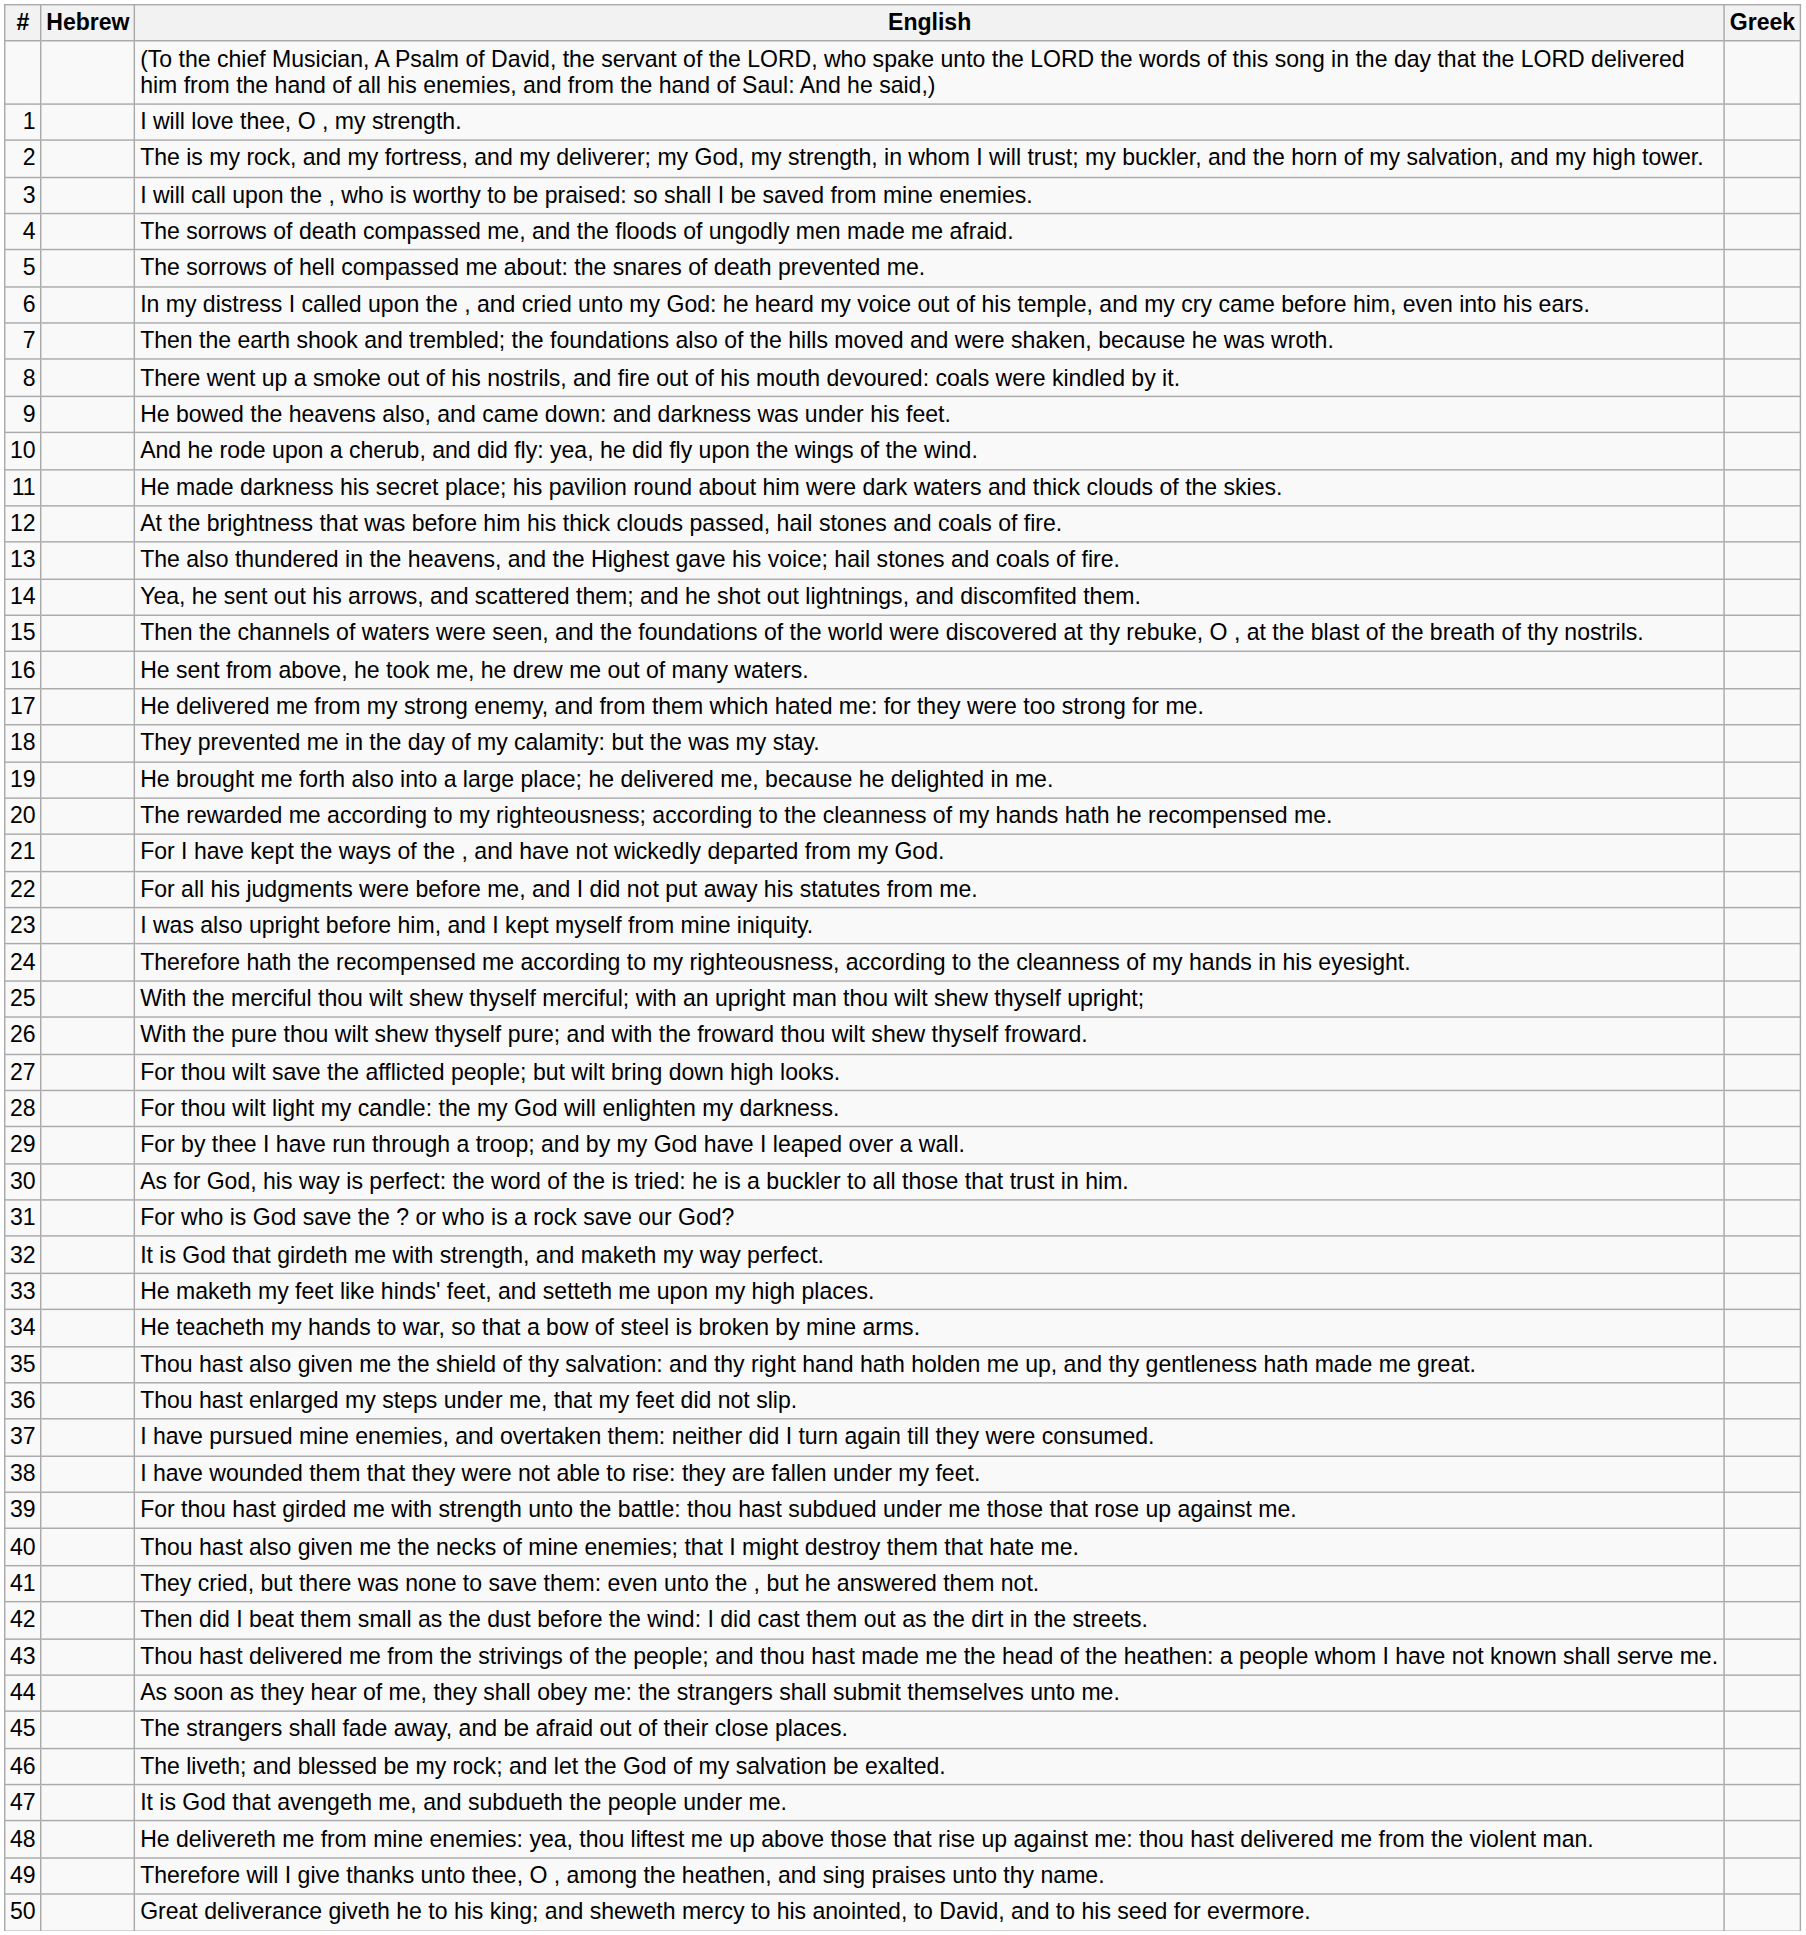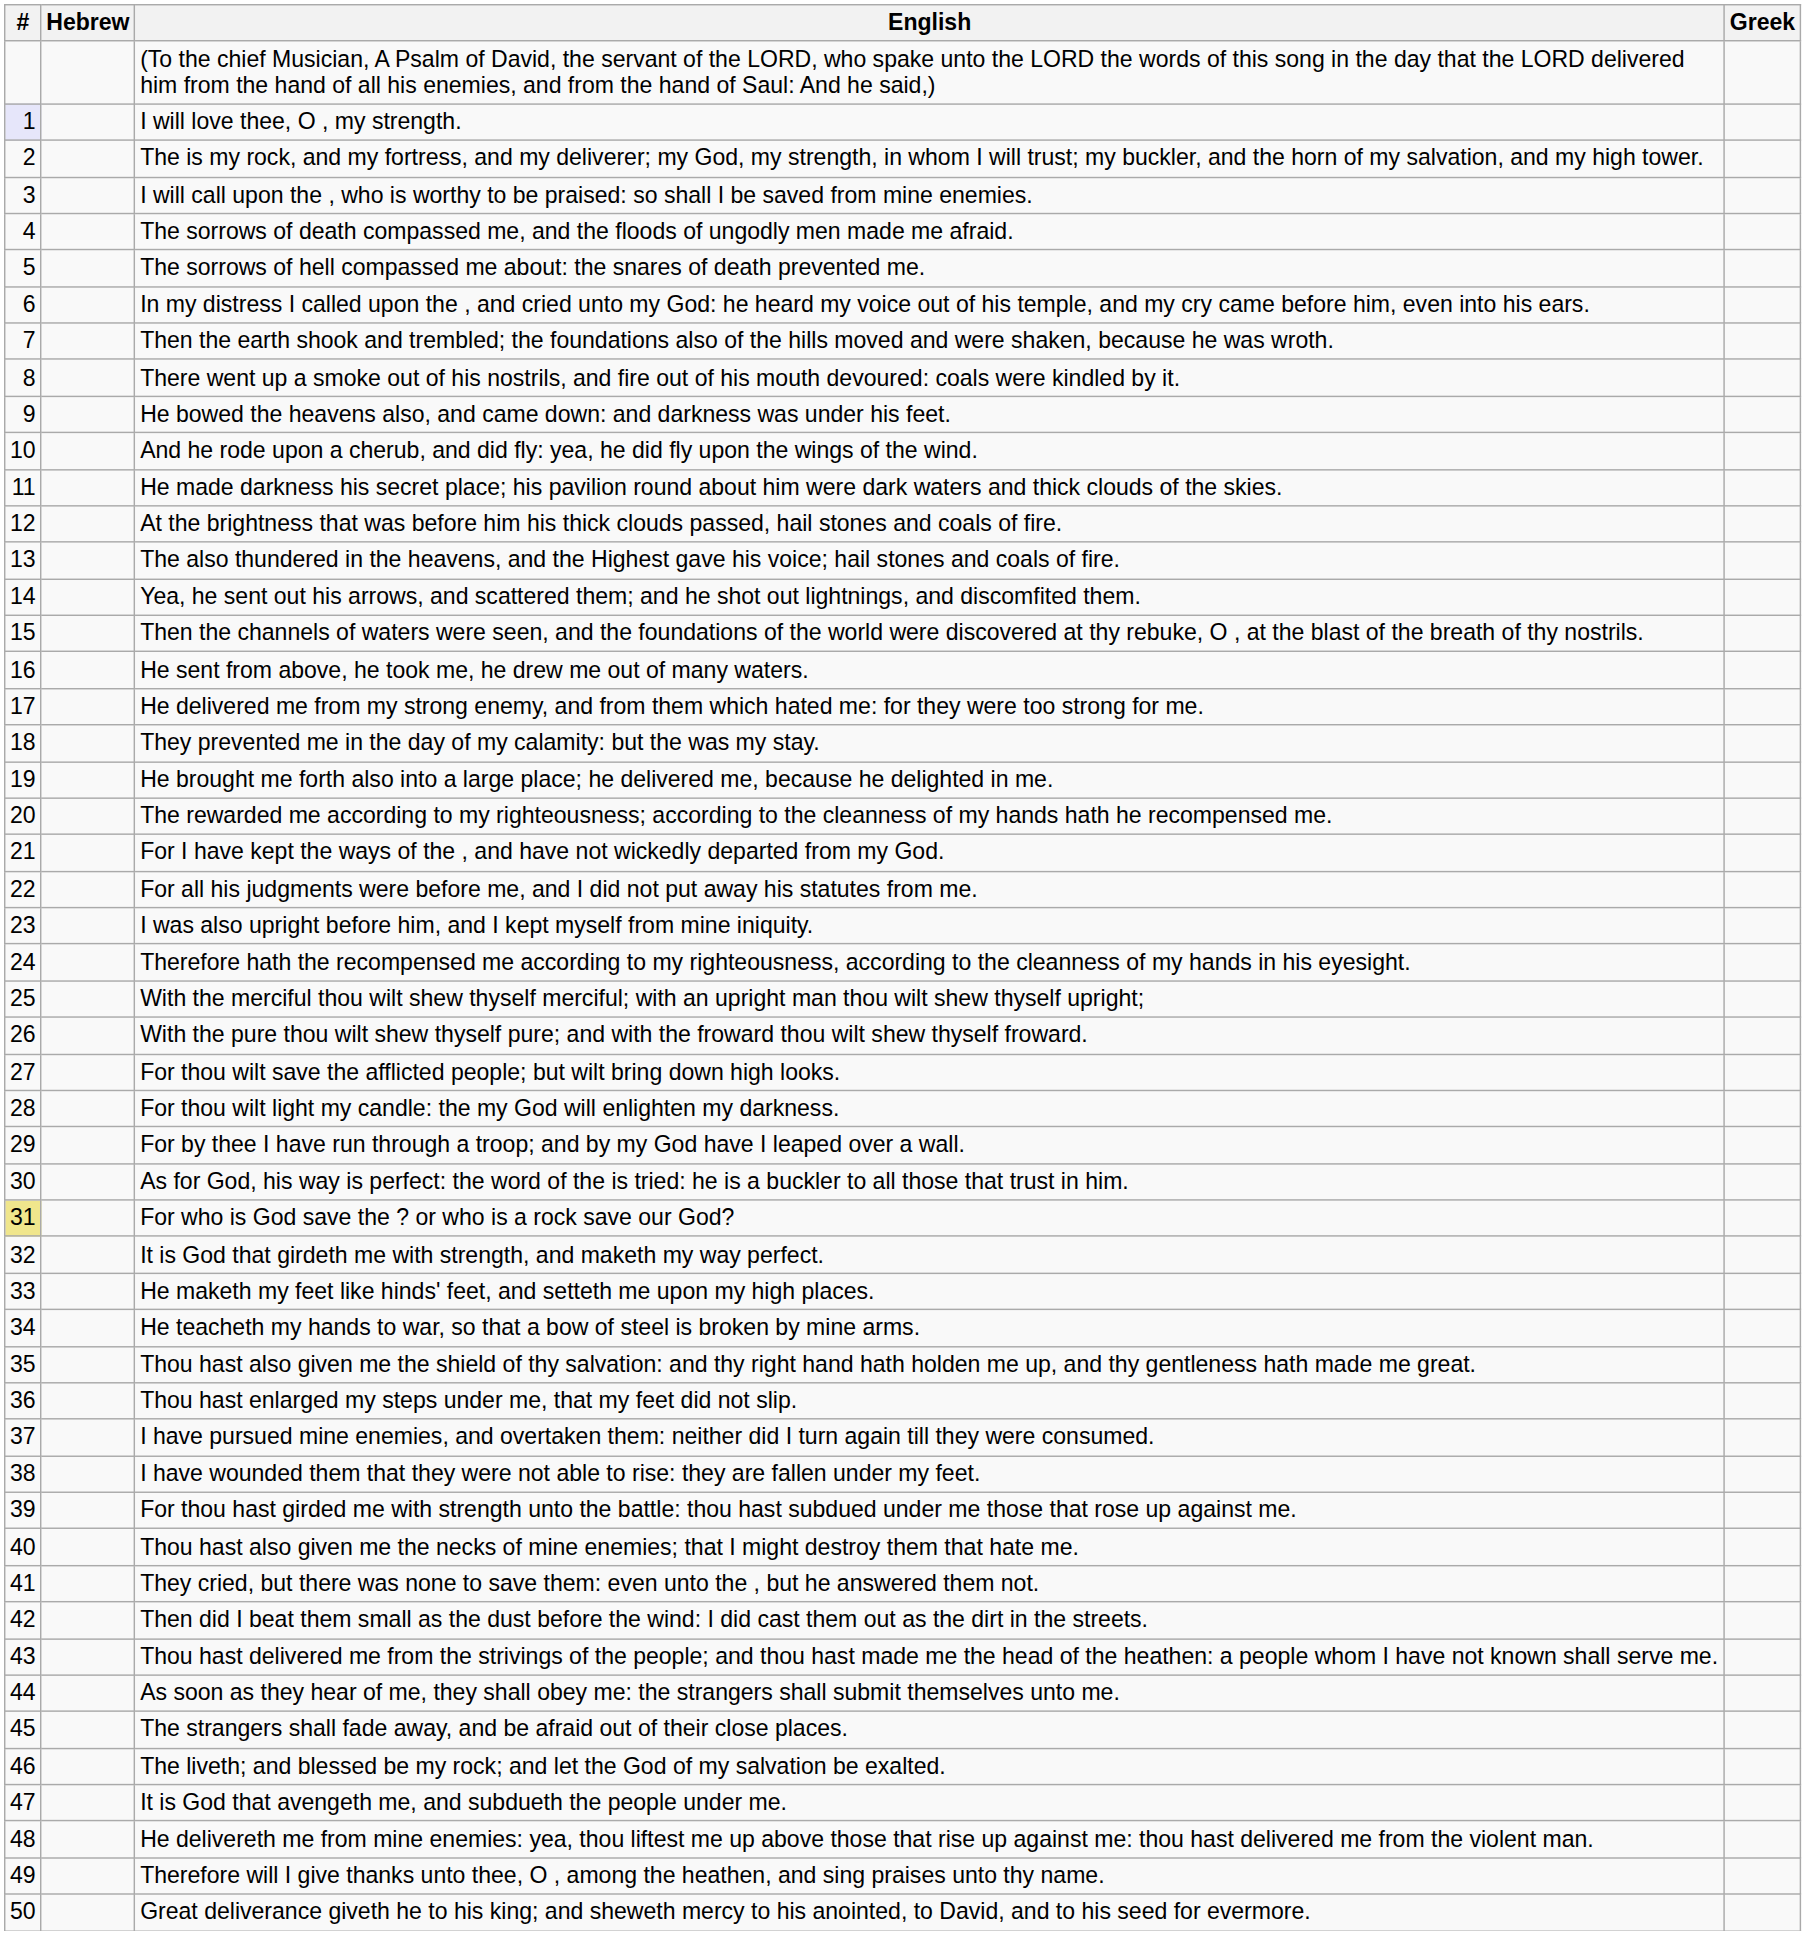 <table class=wikitable>
 <tr>
 <th>#</th>
 <th>Hebrew</th>
 <th>English</th>
 <th>Greek</th>
 </tr>
 <tr>
 <td style="text-align:right"></td>
 <td style="text-align:right"></td>
 <td>(To the chief Musician, A Psalm of David, the servant of the LORD, who spake unto the LORD the words of this song in the day that the LORD delivered him from the hand of all his enemies, and from the hand of Saul: And he said,)</td>
 <td></td>
 </tr>
 <tr>
-<td style="text-align:right">1</td>
+<td style="background: lavender; text-align:right">1</td>
 <td style="text-align:right"></td>
 <td>I will love thee, O , my strength.</td>
 <td></td>
 </tr>
 <tr>
 <td style="text-align:right">2</td>
 <td style="text-align:right"></td>
 <td>The  is my rock, and my fortress, and my deliverer; my God, my strength, in whom I will trust; my buckler, and the horn of my salvation, and my high tower.</td>
 <td></td>
 </tr>
 <tr>
 <td style="text-align:right">3</td>
 <td style="text-align:right"></td>
 <td>I will call upon the , who is worthy to be praised: so shall I be saved from mine enemies.</td>
 <td></td>
 </tr>
 <tr>
 <td style="text-align:right">4</td>
 <td style="text-align:right"></td>
 <td>The sorrows of death compassed me, and the floods of ungodly men made me afraid.</td>
 <td></td>
 </tr>
 <tr>
 <td style="text-align:right">5</td>
 <td style="text-align:right"></td>
 <td>The sorrows of hell compassed me about: the snares of death prevented me.</td>
 <td></td>
 </tr>
 <tr>
 <td style="text-align:right">6</td>
 <td style="text-align:right"></td>
 <td>In my distress I called upon the , and cried unto my God: he heard my voice out of his temple, and my cry came before him, even into his ears.</td>
 <td></td>
 </tr>
 <tr>
 <td style="text-align:right">7</td>
 <td style="text-align:right"></td>
 <td>Then the earth shook and trembled; the foundations also of the hills moved and were shaken, because he was wroth.</td>
 <td></td>
 </tr>
 <tr>
 <td style="text-align:right">8</td>
 <td style="text-align:right"></td>
 <td>There went up a smoke out of his nostrils, and fire out of his mouth devoured: coals were kindled by it.</td>
 <td></td>
 </tr>
 <tr>
 <td style="text-align:right">9</td>
 <td style="text-align:right"></td>
 <td>He bowed the heavens also, and came down: and darkness was under his feet.</td>
 <td></td>
 </tr>
 <tr>
 <td style="text-align:right">10</td>
 <td style="text-align:right"></td>
 <td>And he rode upon a cherub, and did fly: yea, he did fly upon the wings of the wind.</td>
 <td></td>
 </tr>
 <tr>
 <td style="text-align:right">11</td>
 <td style="text-align:right"></td>
 <td>He made darkness his secret place; his pavilion round about him were dark waters and thick clouds of the skies.</td>
 <td></td>
 </tr>
 <tr>
 <td style="text-align:right">12</td>
 <td style="text-align:right"></td>
 <td>At the brightness that was before him his thick clouds passed, hail stones and coals of fire.</td>
 <td></td>
 </tr>
 <tr>
 <td style="text-align:right">13</td>
 <td style="text-align:right"></td>
 <td>The  also thundered in the heavens, and the Highest gave his voice; hail stones and coals of fire.</td>
 <td></td>
 </tr>
 <tr>
 <td style="text-align:right">14</td>
 <td style="text-align:right"></td>
 <td>Yea, he sent out his arrows, and scattered them; and he shot out lightnings, and discomfited them.</td>
 <td></td>
 </tr>
 <tr>
 <td style="text-align:right">15</td>
 <td style="text-align:right"></td>
 <td>Then the channels of waters were seen, and the foundations of the world were discovered at thy rebuke, O , at the blast of the breath of thy nostrils.</td>
 <td></td>
 </tr>
 <tr>
 <td style="text-align:right">16</td>
 <td style="text-align:right"></td>
 <td>He sent from above, he took me, he drew me out of many waters.</td>
 <td></td>
 </tr>
 <tr>
 <td style="text-align:right">17</td>
 <td style="text-align:right"></td>
 <td>He delivered me from my strong enemy, and from them which hated me: for they were too strong for me.</td>
 <td></td>
 </tr>
 <tr>
 <td style="text-align:right">18</td>
 <td style="text-align:right"></td>
 <td>They prevented me in the day of my calamity: but the  was my stay.</td>
 <td></td>
 </tr>
 <tr>
 <td style="text-align:right">19</td>
 <td style="text-align:right"></td>
 <td>He brought me forth also into a large place; he delivered me, because he delighted in me.</td>
 <td></td>
 </tr>
 <tr>
 <td style="text-align:right">20</td>
 <td style="text-align:right"></td>
 <td>The  rewarded me according to my righteousness; according to the cleanness of my hands hath he recompensed me.</td>
 <td></td>
 </tr>
 <tr>
 <td style="text-align:right">21</td>
 <td style="text-align:right"></td>
 <td>For I have kept the ways of the , and have not wickedly departed from my God.</td>
 <td></td>
 </tr>
 <tr>
 <td style="text-align:right">22</td>
 <td style="text-align:right"></td>
 <td>For all his judgments were before me, and I did not put away his statutes from me.</td>
 <td></td>
 </tr>
 <tr>
 <td style="text-align:right">23</td>
 <td style="text-align:right"></td>
 <td>I was also upright before him, and I kept myself from mine iniquity.</td>
 <td></td>
 </tr>
 <tr>
 <td style="text-align:right">24</td>
 <td style="text-align:right"></td>
 <td>Therefore hath the  recompensed me according to my righteousness, according to the cleanness of my hands in his eyesight.</td>
 <td></td>
 </tr>
 <tr>
 <td style="text-align:right">25</td>
 <td style="text-align:right"></td>
 <td>With the merciful thou wilt shew thyself merciful; with an upright man thou wilt shew thyself upright;</td>
 <td></td>
 </tr>
 <tr>
 <td style="text-align:right">26</td>
 <td style="text-align:right"></td>
 <td>With the pure thou wilt shew thyself pure; and with the froward thou wilt shew thyself froward.</td>
 <td></td>
 </tr>
 <tr>
 <td style="text-align:right">27</td>
 <td style="text-align:right"></td>
 <td>For thou wilt save the afflicted people; but wilt bring down high looks.</td>
 <td></td>
 </tr>
 <tr>
 <td style="text-align:right">28</td>
 <td style="text-align:right"></td>
 <td>For thou wilt light my candle: the  my God will enlighten my darkness.</td>
 <td></td>
 </tr>
 <tr>
 <td style="text-align:right">29</td>
 <td style="text-align:right"></td>
 <td>For by thee I have run through a troop; and by my God have I leaped over a wall.</td>
 <td></td>
 </tr>
 <tr>
 <td style="text-align:right">30</td>
 <td style="text-align:right"></td>
 <td>As for God, his way is perfect: the word of the  is tried: he is a buckler to all those that trust in him.</td>
 <td></td>
 </tr>
 <tr>
-<td style="text-align:right">31</td>
+<td style="background: khaki; text-align:right">31</td>
 <td style="text-align:right"></td>
 <td>For who is God save the ? or who is a rock save our God?</td>
 <td></td>
 </tr>
 <tr>
 <td style="text-align:right">32</td>
 <td style="text-align:right"></td>
 <td>It is God that girdeth me with strength, and maketh my way perfect.</td>
 <td></td>
 </tr>
 <tr>
 <td style="text-align:right">33</td>
 <td style="text-align:right"></td>
 <td>He maketh my feet like hinds' feet, and setteth me upon my high places.</td>
 <td></td>
 </tr>
 <tr>
 <td style="text-align:right">34</td>
 <td style="text-align:right"></td>
 <td>He teacheth my hands to war, so that a bow of steel is broken by mine arms.</td>
 <td></td>
 </tr>
 <tr>
 <td style="text-align:right">35</td>
 <td style="text-align:right"></td>
 <td>Thou hast also given me the shield of thy salvation: and thy right hand hath holden me up, and thy gentleness hath made me great.</td>
 <td></td>
 </tr>
 <tr>
 <td style="text-align:right">36</td>
 <td style="text-align:right"></td>
 <td>Thou hast enlarged my steps under me, that my feet did not slip.</td>
 <td></td>
 </tr>
 <tr>
 <td style="text-align:right">37</td>
 <td style="text-align:right"></td>
 <td>I have pursued mine enemies, and overtaken them: neither did I turn again till they were consumed.</td>
 <td></td>
 </tr>
 <tr>
 <td style="text-align:right">38</td>
 <td style="text-align:right"></td>
 <td>I have wounded them that they were not able to rise: they are fallen under my feet.</td>
 <td></td>
 </tr>
 <tr>
 <td style="text-align:right">39</td>
 <td style="text-align:right"></td>
 <td>For thou hast girded me with strength unto the battle: thou hast subdued under me those that rose up against me.</td>
 <td></td>
 </tr>
 <tr>
 <td style="text-align:right">40</td>
 <td style="text-align:right"></td>
 <td>Thou hast also given me the necks of mine enemies; that I might destroy them that hate me.</td>
 <td></td>
 </tr>
 <tr>
 <td style="text-align:right">41</td>
 <td style="text-align:right"></td>
 <td>They cried, but there was none to save them: even unto the , but he answered them not.</td>
 <td></td>
 </tr>
 <tr>
 <td style="text-align:right">42</td>
 <td style="text-align:right"></td>
 <td>Then did I beat them small as the dust before the wind: I did cast them out as the dirt in the streets.</td>
 <td></td>
 </tr>
 <tr>
 <td style="text-align:right">43</td>
 <td style="text-align:right"></td>
 <td>Thou hast delivered me from the strivings of the people; and thou hast made me the head of the heathen: a people whom I have not known shall serve me.</td>
 <td></td>
 </tr>
 <tr>
 <td style="text-align:right">44</td>
 <td style="text-align:right"></td>
 <td>As soon as they hear of me, they shall obey me: the strangers shall submit themselves unto me.</td>
 <td></td>
 </tr>
 <tr>
 <td style="text-align:right">45</td>
 <td style="text-align:right"></td>
 <td>The strangers shall fade away, and be afraid out of their close places.</td>
 <td></td>
 </tr>
 <tr>
 <td style="text-align:right">46</td>
 <td style="text-align:right"></td>
 <td>The  liveth; and blessed be my rock; and let the God of my salvation be exalted.</td>
 <td></td>
 </tr>
 <tr>
 <td style="text-align:right">47</td>
 <td style="text-align:right"></td>
 <td>It is God that avengeth me, and subdueth the people under me.</td>
 <td></td>
 </tr>
 <tr>
 <td style="text-align:right">48</td>
 <td style="text-align:right"></td>
 <td>He delivereth me from mine enemies: yea, thou liftest me up above those that rise up against me: thou hast delivered me from the violent man.</td>
 <td></td>
 </tr>
 <tr>
 <td style="text-align:right">49</td>
 <td style="text-align:right"></td>
 <td>Therefore will I give thanks unto thee, O , among the heathen, and sing praises unto thy name.</td>
 <td></td>
 </tr>
 <tr>
 <td style="text-align:right">50</td>
 <td style="text-align:right"></td>
 <td>Great deliverance giveth he to his king; and sheweth mercy to his anointed, to David, and to his seed for evermore.</td>
 <td></td>
 </tr>
 <tr>
 </tr>
 </table>
